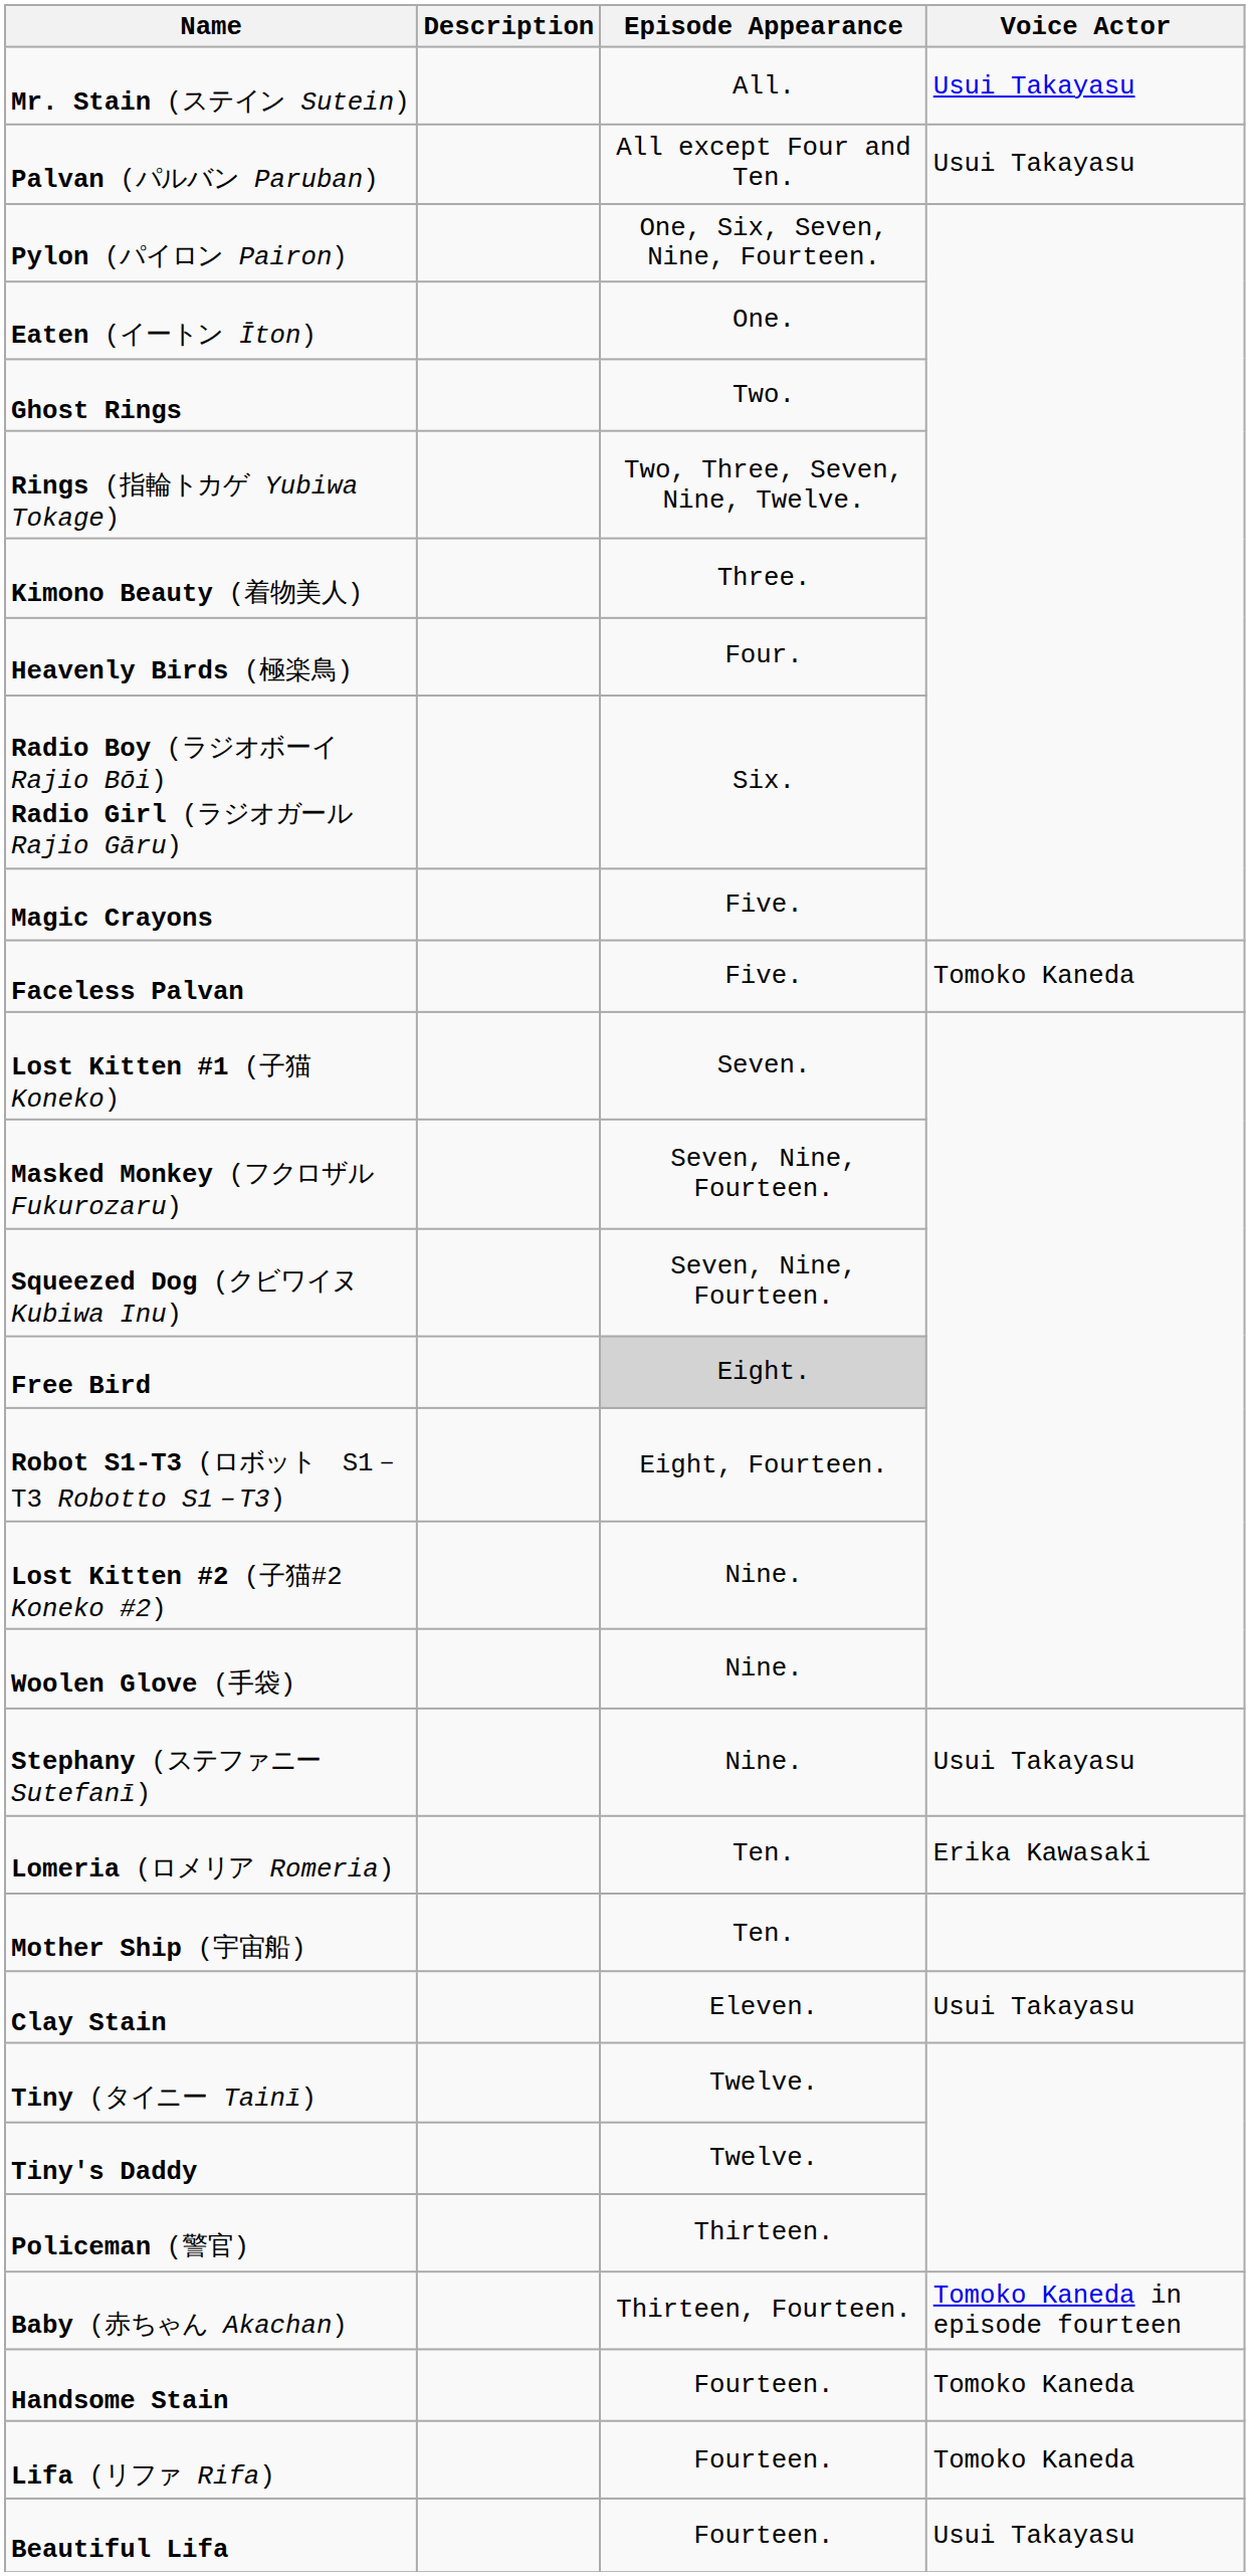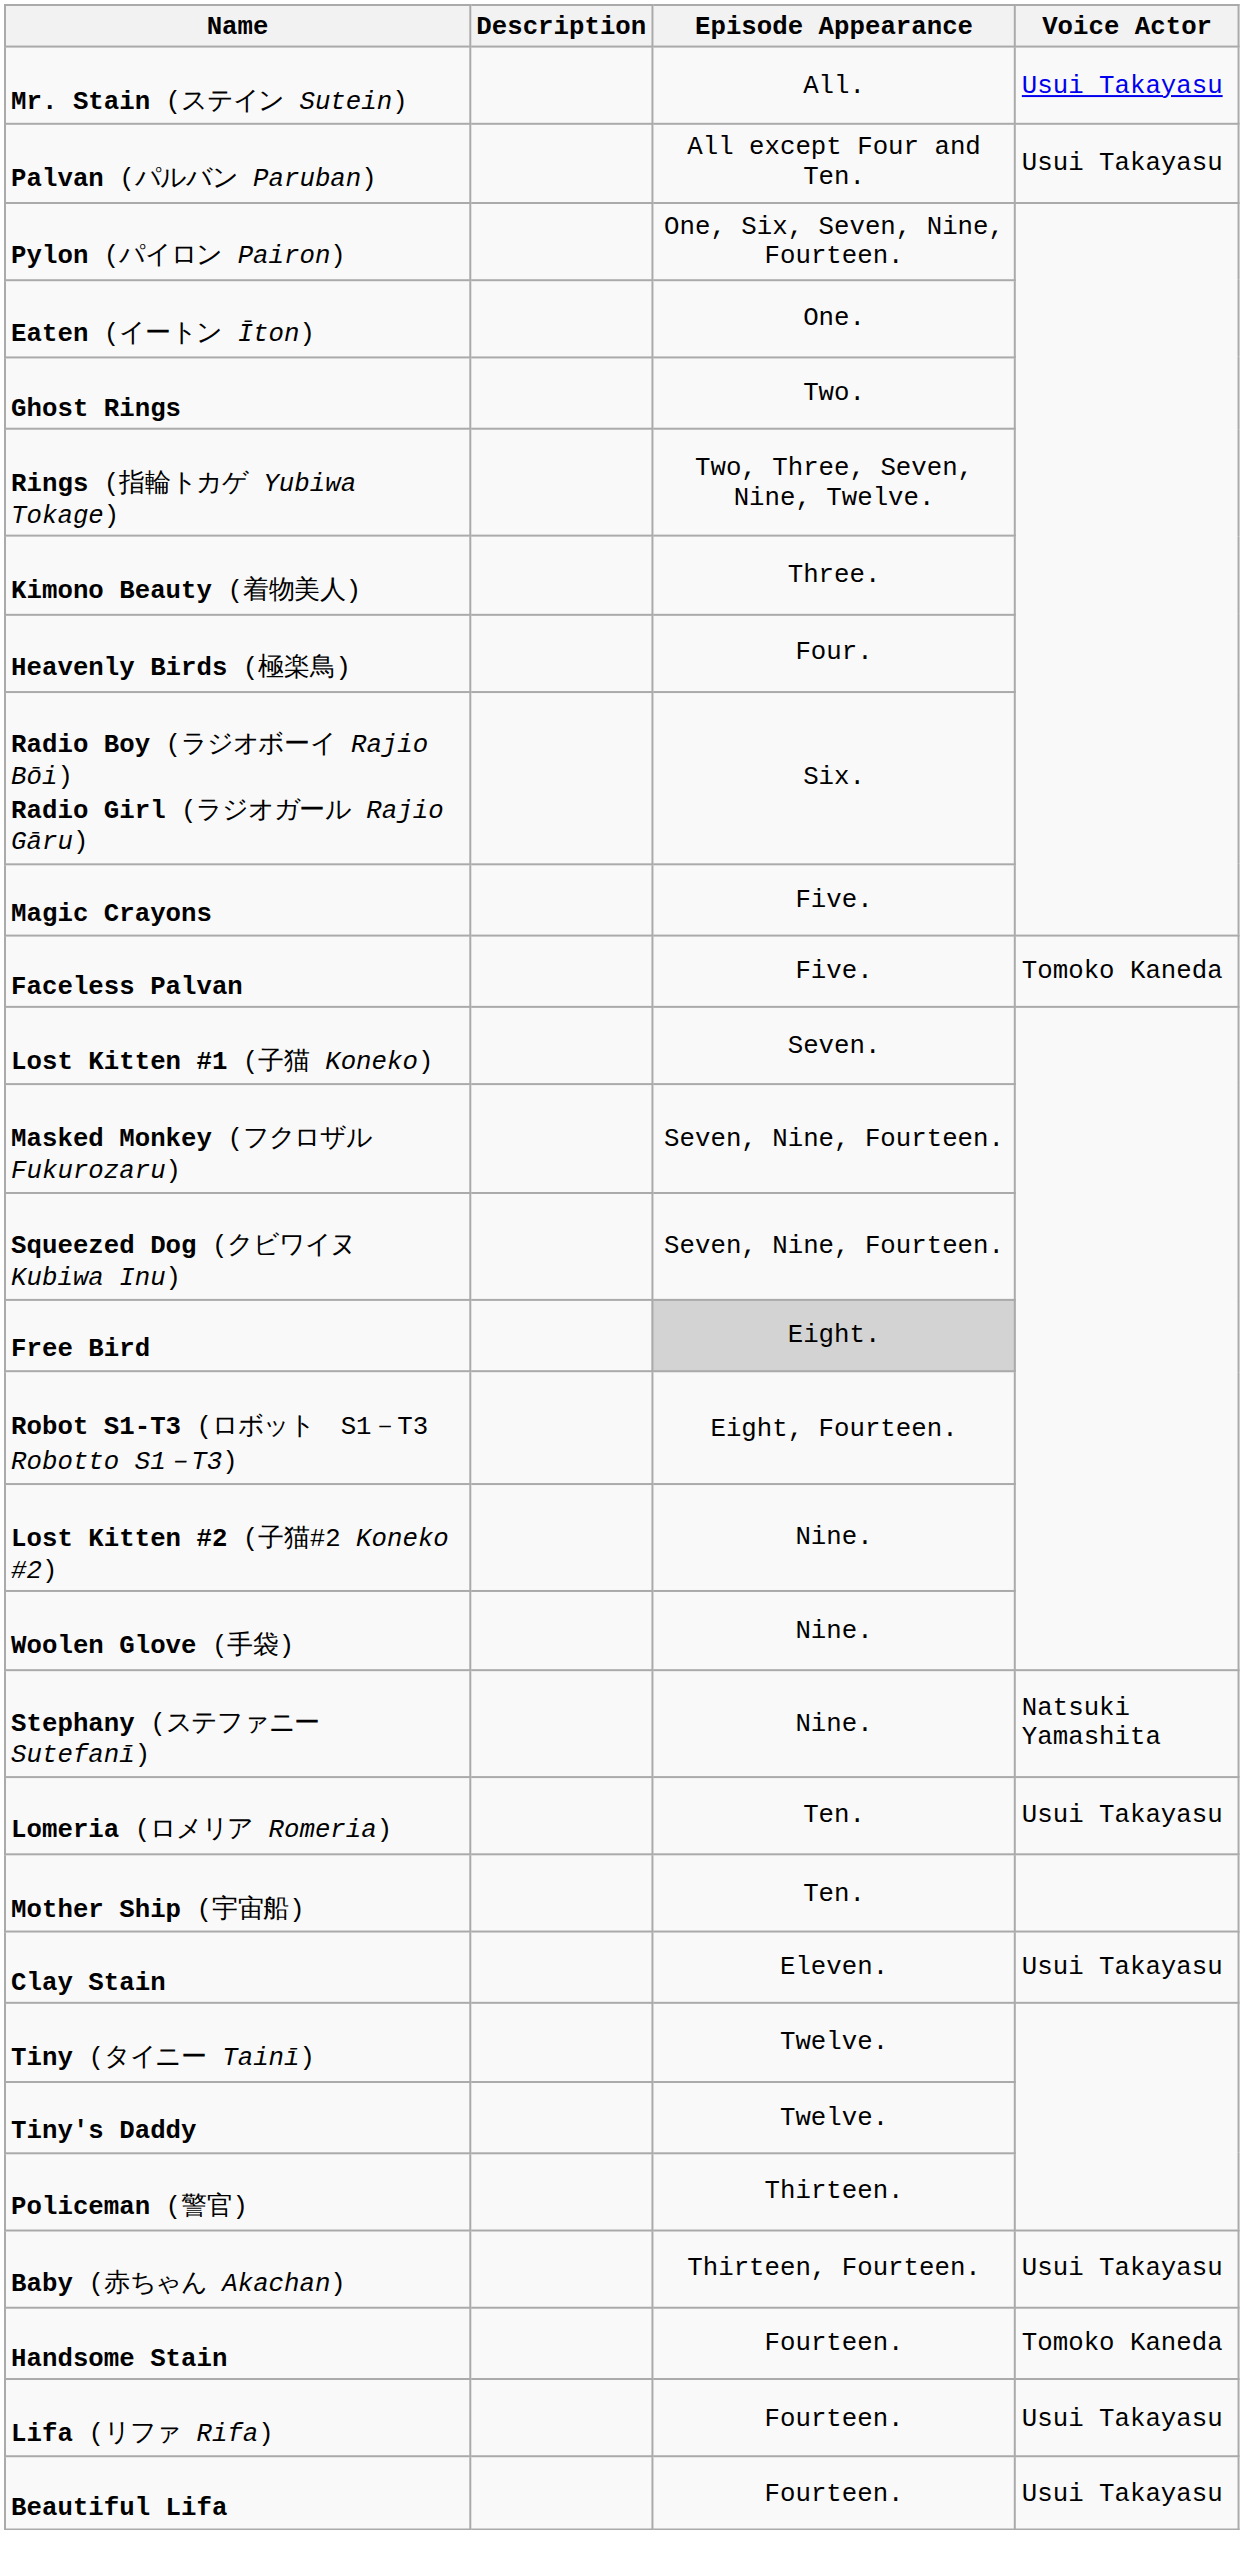 <table class="wikitable" style="margin: 1em auto 1em auto">
 <tr>
 <th>Name</th>
 <th>Description</th>
 <th>Episode Appearance</th>
 <th>Voice Actor</th>
 </tr>
 <tr>
 <td><br><strong>Mr. Stain</strong> (ステイン <em>Sutein</em>)</td>
 <td><br></td>
 <td align="center">All.</td>
 <td><a href='#'>Usui Takayasu</a></td>
 </tr>
 <tr>
 <td><br><strong>Palvan</strong> (パルバン <em>Paruban</em>)</td>
 <td><br></td>
 <td align="center">All except Four and Ten.</td>
 <td>Usui Takayasu</td>
 </tr>
 <tr>
 <td><br><strong>Pylon</strong> (パイロン <em>Pairon</em>)</td>
 <td><br></td>
 <td align="center">One, Six, Seven, Nine, Fourteen.</td>
 </tr>
 <tr>
 <td><br><strong>Eaten</strong> (イートン <em>Īton</em>)</td>
 <td><br></td>
 <td align="center">One.</td>
 </tr>
 <tr>
 <td><br><strong>Ghost Rings</strong></td>
 <td><br></td>
 <td align="center">Two.</td>
 </tr>
 <tr>
 <td><br><strong>Rings</strong> (指輪トカゲ <em>Yubiwa Tokage</em>)</td>
 <td><br></td>
 <td align="center">Two, Three, Seven, Nine, Twelve.</td>
 </tr>
 <tr>
 <td><br><strong>Kimono Beauty</strong> (着物美人)</td>
 <td><br></td>
 <td align="center">Three.</td>
 </tr>
 <tr>
 <td><br><strong>Heavenly Birds</strong> (極楽鳥)</td>
 <td><br></td>
 <td align="center">Four.</td>
 </tr>
 <tr>
 <td><br><strong>Radio Boy</strong> (ラジオボーイ <em>Rajio Bōi</em>)<br> <strong>Radio Girl</strong> (ラジオガール <em>Rajio Gāru</em>)</td>
 <td><br></td>
 <td align="center">Six.</td>
 </tr>
 <tr>
 <td><br><strong>Magic Crayons</strong></td>
 <td><br></td>
 <td align="center">Five.</td>
 </tr>
 <tr>
 <td><br><strong>Faceless Palvan</strong></td>
 <td><br></td>
 <td align="center">Five.</td>
 <td>Tomoko Kaneda</td>
 </tr>
 <tr>
 <td><br><strong>Lost Kitten #1</strong> (子猫 <em>Koneko</em>)</td>
 <td><br></td>
 <td align="center">Seven.</td>
 </tr>
 <tr>
 <td><br><strong>Masked Monkey</strong> (フクロザル <em>Fukurozaru</em>)</td>
 <td><br></td>
 <td align="center">Seven, Nine, Fourteen.</td>
 </tr>
 <tr>
 <td><br><strong>Squeezed Dog</strong> (クビワイヌ <em>Kubiwa Inu</em>)</td>
 <td><br></td>
 <td align="center">Seven, Nine, Fourteen.</td>
 </tr>
 <tr>
 <td><br><strong>Free Bird</strong></td>
 <td><br></td>
 <td align="center" style="background: lightgrey;">Eight.</td>
 </tr>
 <tr>
 <td><br><strong>Robot S1-T3</strong> (ロボット　S1－T3 <em>Robotto S1－T3</em>)</td>
 <td><br></td>
 <td align="center">Eight, Fourteen.</td>
 </tr>
 <tr>
 <td><br><strong>Lost Kitten #2</strong> (子猫#2 <em>Koneko #2</em>)</td>
 <td><br></td>
 <td align="center">Nine.</td>
 </tr>
 <tr>
 <td><br><strong>Woolen Glove</strong> (手袋)</td>
 <td><br></td>
 <td align="center">Nine.</td>
 </tr>
 <tr>
 <td><br><strong>Stephany</strong> (ステファニー <em>Sutefanī</em>)</td>
 <td><br></td>
 <td align="center">Nine.</td>
-<td>Usui Takayasu</td>
+<td>Natsuki Yamashita</td>
 </tr>
 <tr>
 <td><br><strong>Lomeria</strong> (ロメリア <em>Romeria</em>)</td>
 <td><br></td>
 <td align="center">Ten.</td>
-<td>Erika Kawasaki</td>
+<td>Usui Takayasu</td>
 </tr>
 <tr>
 <td><br><strong>Mother Ship</strong> (宇宙船)</td>
 <td><br></td>
 <td align="center">Ten.</td>
 </tr>
 <tr>
 <td><br><strong>Clay Stain</strong></td>
 <td><br></td>
 <td align="center">Eleven.</td>
 <td>Usui Takayasu</td>
 </tr>
 <tr>
 <td><br><strong>Tiny</strong> (タイニー <em>Tainī</em>)</td>
 <td><br></td>
 <td align="center">Twelve.</td>
 </tr>
 <tr>
 <td><br><strong>Tiny's Daddy</strong></td>
 <td><br></td>
 <td align="center">Twelve.</td>
 </tr>
 <tr>
 <td><br><strong>Policeman</strong> (警官)</td>
 <td><br></td>
 <td align="center">Thirteen.</td>
 </tr>
 <tr>
 <td><br><strong>Baby</strong> (赤ちゃん <em>Akachan</em>)</td>
 <td><br></td>
 <td align="center">Thirteen, Fourteen.</td>
-<td><a href='#'>Tomoko Kaneda</a> in episode fourteen</td>
+<td>Usui Takayasu</td>
 </tr>
 <tr>
 <td><br><strong>Handsome Stain</strong></td>
 <td><br></td>
 <td align="center">Fourteen.</td>
 <td>Tomoko Kaneda</td>
 </tr>
 <tr>
 <td><br><strong>Lifa</strong> (リファ <em>Rifa</em>)</td>
 <td><br></td>
 <td align="center">Fourteen.</td>
-<td>Tomoko Kaneda</td>
+<td>Usui Takayasu</td>
 </tr>
 <tr>
 <td><br><strong>Beautiful Lifa</strong></td>
 <td><br></td>
 <td align="center">Fourteen.</td>
 <td>Usui Takayasu</td>
 </tr>
 </table>
